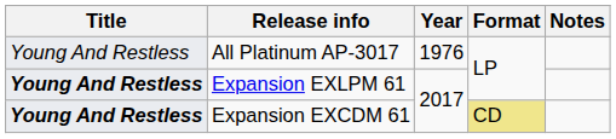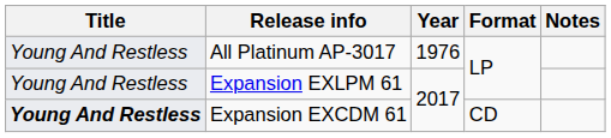 <table class="wikitable plainrowheaders sortable">
 <tr>
 <th>Title</th>
 <th>Release info</th>
 <th>Year</th>
 <th>Format</th>
 <th class="unsortable">Notes</th>
 </tr>
 <tr>
 <td style="background:#EAECF0"><em>Young And Restless</em></td>
 <td>All Platinum AP-3017</td>
 <td>1976</td>
 <td rowspan="2">LP</td>
 <td></td>
 </tr>
 <tr>
-<td style="background:#EAECF0"><strong><em>Young And Restless</em></strong></td>
+<td style="background:#EAECF0"><em>Young And Restless</em></td>
 <td><a href='#'>Expansion</a> EXLPM 61</td>
 <td rowspan="2">2017</td>
 <td></td>
 </tr>
 <tr>
 <td style="background:#EAECF0"><strong><em>Young And Restless</em></strong></td>
 <td>Expansion EXCDM 61</td>
-<td style="background: khaki;">CD</td>
+<td>CD</td>
 <td></td>
 </tr>
 </table>
